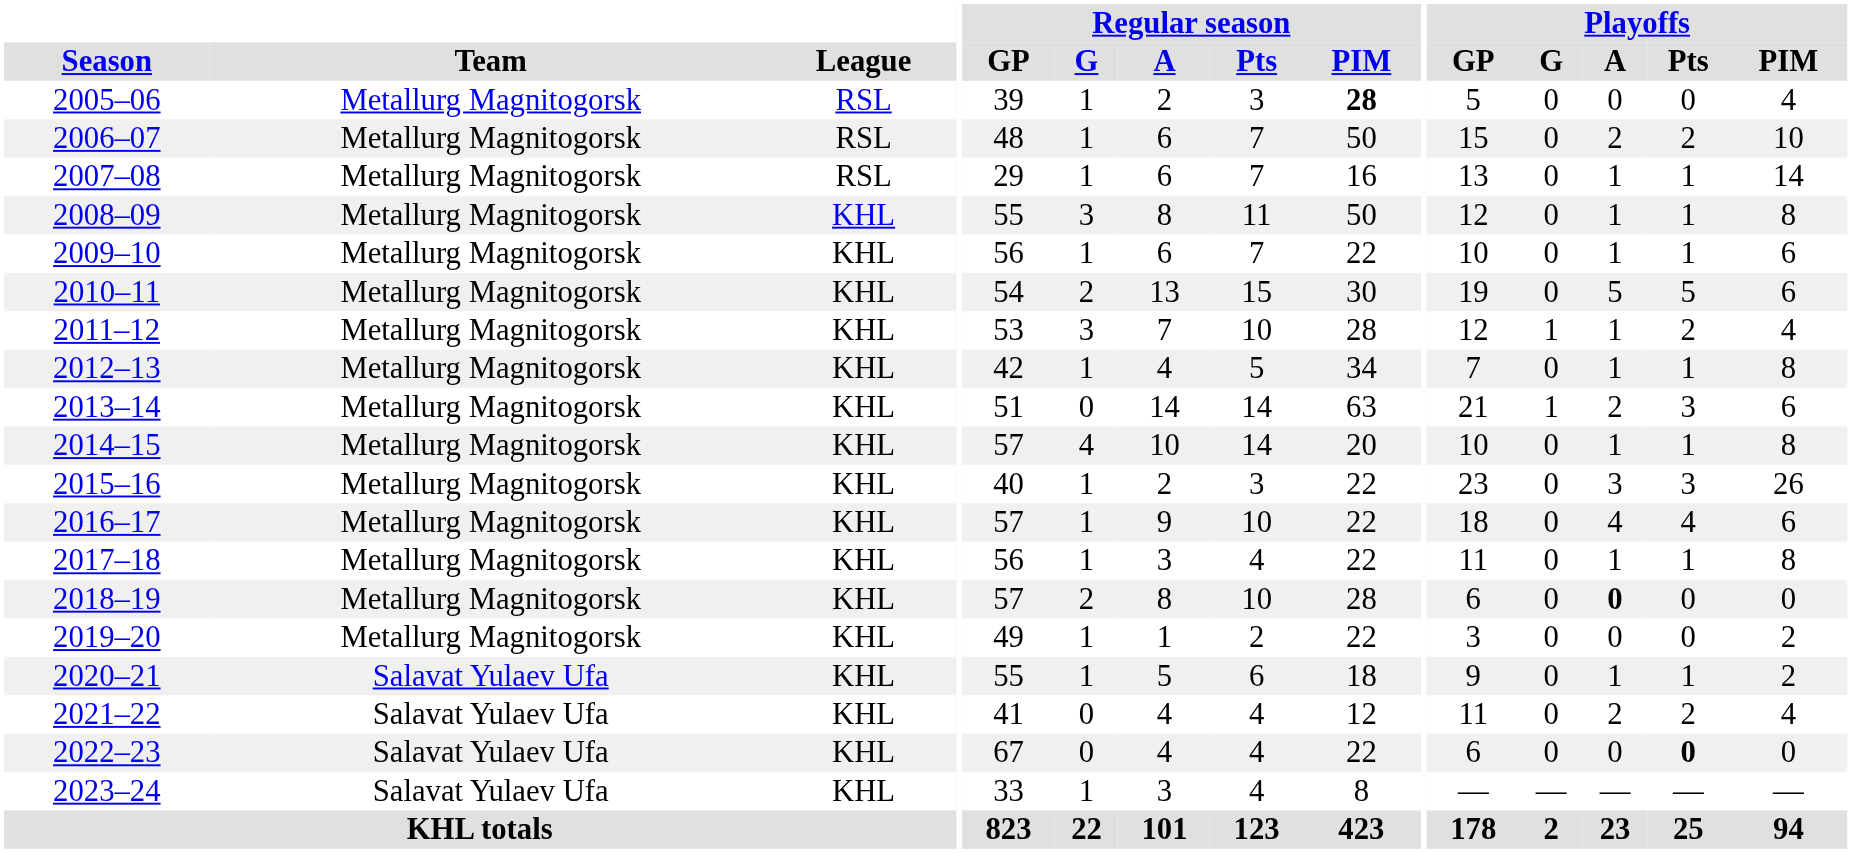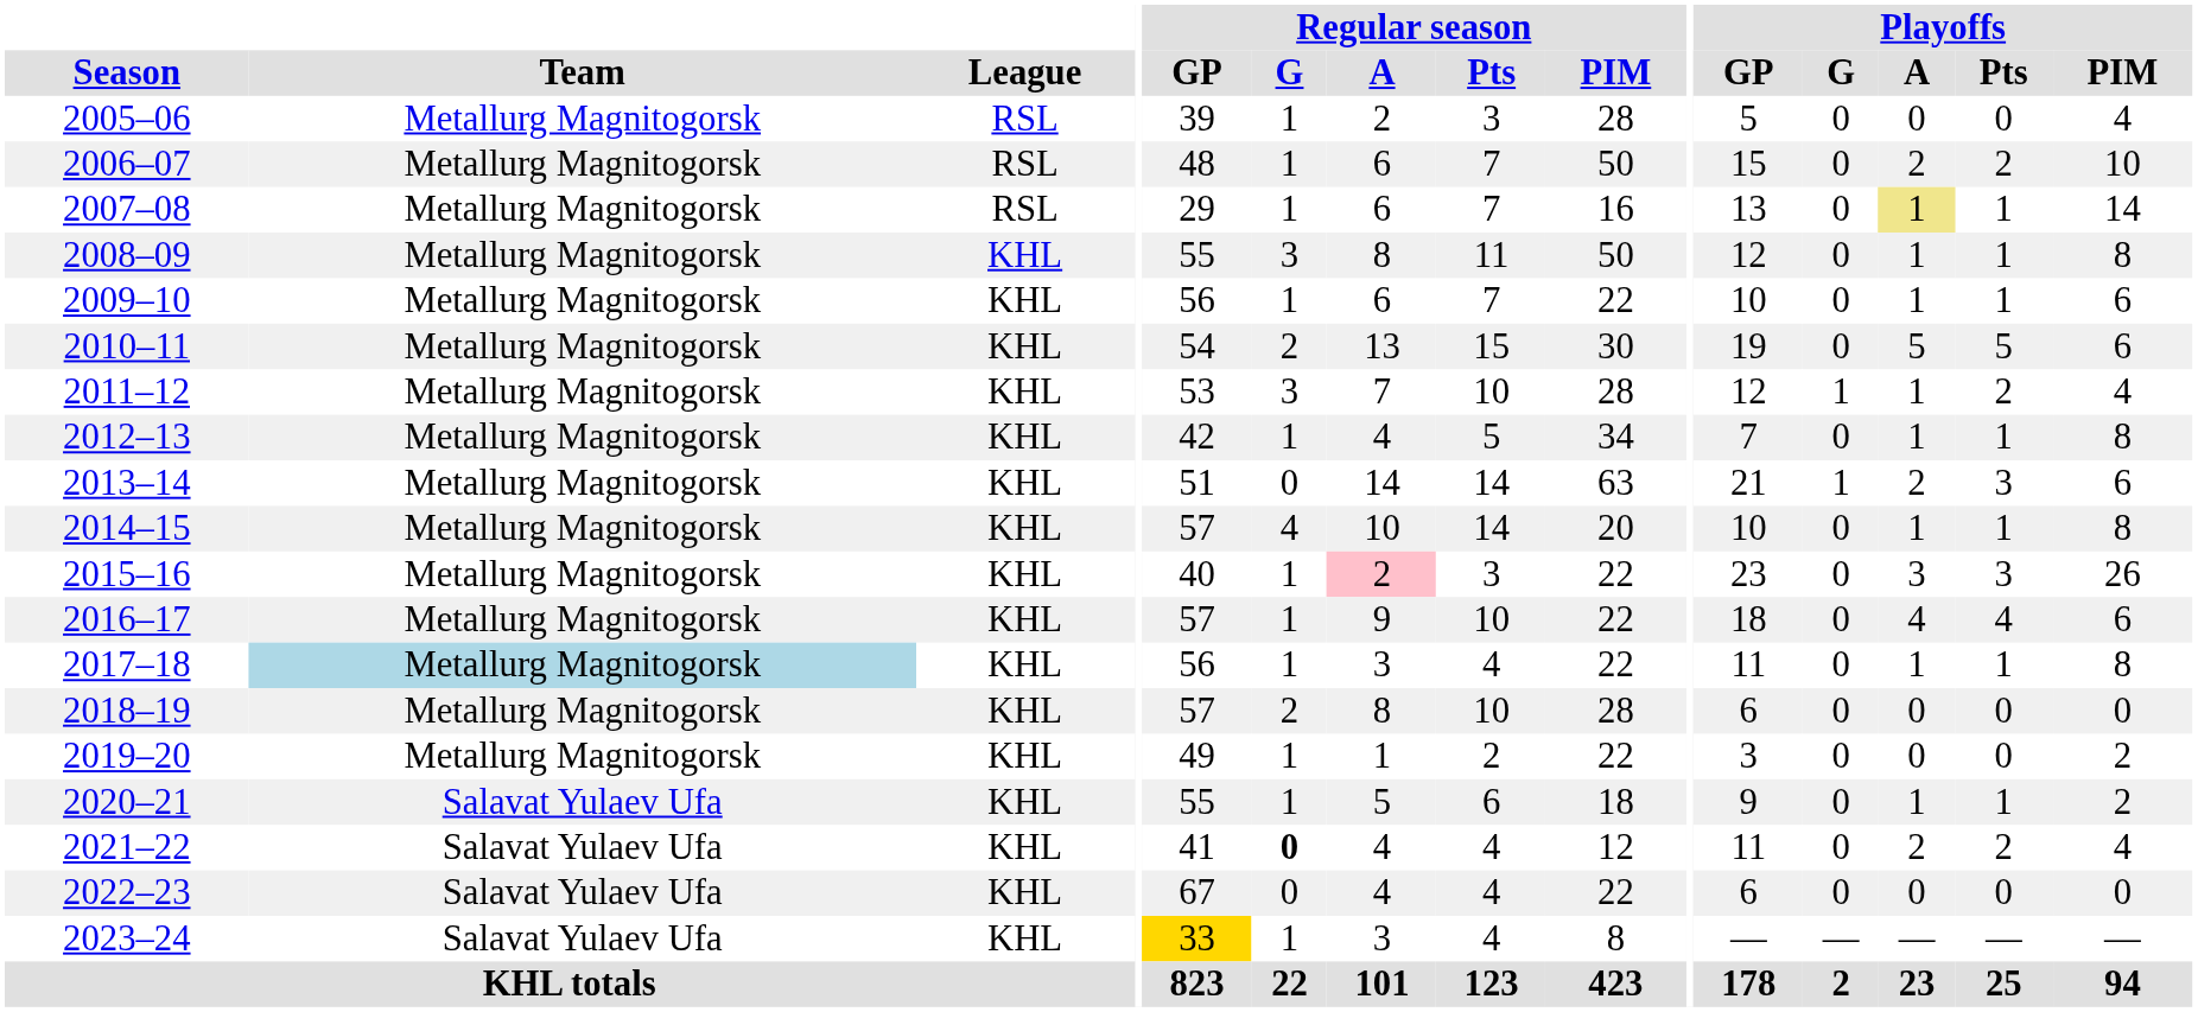 <table border="0" cellpadding="1" cellspacing="0" style="text-align:center; width:60em">
 <tr bgcolor="#e0e0e0">
 <th colspan="3" bgcolor="#ffffff"></th>
 <th rowspan="99" bgcolor="#ffffff"></th>
 <th colspan="5"><a href='#'>Regular season</a></th>
 <th rowspan="99" bgcolor="#ffffff"></th>
 <th colspan="5"><a href='#'>Playoffs</a></th>
 </tr>
 <tr bgcolor="#e0e0e0">
 <th><a href='#'>Season</a></th>
 <th>Team</th>
 <th>League</th>
 <th>GP</th>
 <th><a href='#'>G</a></th>
 <th><a href='#'>A</a></th>
 <th><a href='#'>Pts</a></th>
 <th><a href='#'>PIM</a></th>
 <th>GP</th>
 <th>G</th>
 <th>A</th>
 <th>Pts</th>
 <th>PIM</th>
 </tr>
 <tr>
 <td><a href='#'>2005–06</a></td>
 <td><a href='#'>Metallurg Magnitogorsk</a></td>
 <td><a href='#'>RSL</a></td>
 <td>39</td>
 <td>1</td>
 <td>2</td>
 <td>3</td>
-<td><strong>28</strong></td>
+<td>28</td>
 <td>5</td>
 <td>0</td>
 <td>0</td>
 <td>0</td>
 <td>4</td>
 </tr>
 <tr bgcolor="#f0f0f0">
 <td><a href='#'>2006–07</a></td>
 <td>Metallurg Magnitogorsk</td>
 <td>RSL</td>
 <td>48</td>
 <td>1</td>
 <td>6</td>
 <td>7</td>
 <td>50</td>
 <td>15</td>
 <td>0</td>
 <td>2</td>
 <td>2</td>
 <td>10</td>
 </tr>
 <tr>
 <td><a href='#'>2007–08</a></td>
 <td>Metallurg Magnitogorsk</td>
 <td>RSL</td>
 <td>29</td>
 <td>1</td>
 <td>6</td>
 <td>7</td>
 <td>16</td>
 <td>13</td>
 <td>0</td>
-<td>1</td>
+<td style="background: khaki;">1</td>
 <td>1</td>
 <td>14</td>
 </tr>
 <tr bgcolor="#f0f0f0">
 <td><a href='#'>2008–09</a></td>
 <td>Metallurg Magnitogorsk</td>
 <td><a href='#'>KHL</a></td>
 <td>55</td>
 <td>3</td>
 <td>8</td>
 <td>11</td>
 <td>50</td>
 <td>12</td>
 <td>0</td>
 <td>1</td>
 <td>1</td>
 <td>8</td>
 </tr>
 <tr>
 <td><a href='#'>2009–10</a></td>
 <td>Metallurg Magnitogorsk</td>
 <td>KHL</td>
 <td>56</td>
 <td>1</td>
 <td>6</td>
 <td>7</td>
 <td>22</td>
 <td>10</td>
 <td>0</td>
 <td>1</td>
 <td>1</td>
 <td>6</td>
 </tr>
 <tr bgcolor="#f0f0f0">
 <td><a href='#'>2010–11</a></td>
 <td>Metallurg Magnitogorsk</td>
 <td>KHL</td>
 <td>54</td>
 <td>2</td>
 <td>13</td>
 <td>15</td>
 <td>30</td>
 <td>19</td>
 <td>0</td>
 <td>5</td>
 <td>5</td>
 <td>6</td>
 </tr>
 <tr>
 <td><a href='#'>2011–12</a></td>
 <td>Metallurg Magnitogorsk</td>
 <td>KHL</td>
 <td>53</td>
 <td>3</td>
 <td>7</td>
 <td>10</td>
 <td>28</td>
 <td>12</td>
 <td>1</td>
 <td>1</td>
 <td>2</td>
 <td>4</td>
 </tr>
 <tr bgcolor="#f0f0f0">
 <td><a href='#'>2012–13</a></td>
 <td>Metallurg Magnitogorsk</td>
 <td>KHL</td>
 <td>42</td>
 <td>1</td>
 <td>4</td>
 <td>5</td>
 <td>34</td>
 <td>7</td>
 <td>0</td>
 <td>1</td>
 <td>1</td>
 <td>8</td>
 </tr>
 <tr>
 <td><a href='#'>2013–14</a></td>
 <td>Metallurg Magnitogorsk</td>
 <td>KHL</td>
 <td>51</td>
 <td>0</td>
 <td>14</td>
 <td>14</td>
 <td>63</td>
 <td>21</td>
 <td>1</td>
 <td>2</td>
 <td>3</td>
 <td>6</td>
 </tr>
 <tr bgcolor="#f0f0f0">
 <td><a href='#'>2014–15</a></td>
 <td>Metallurg Magnitogorsk</td>
 <td>KHL</td>
 <td>57</td>
 <td>4</td>
 <td>10</td>
 <td>14</td>
 <td>20</td>
 <td>10</td>
 <td>0</td>
 <td>1</td>
 <td>1</td>
 <td>8</td>
 </tr>
 <tr>
 <td><a href='#'>2015–16</a></td>
 <td>Metallurg Magnitogorsk</td>
 <td>KHL</td>
 <td>40</td>
 <td>1</td>
-<td>2</td>
+<td style="background: pink;">2</td>
 <td>3</td>
 <td>22</td>
 <td>23</td>
 <td>0</td>
 <td>3</td>
 <td>3</td>
 <td>26</td>
 </tr>
 <tr bgcolor="#f0f0f0">
 <td><a href='#'>2016–17</a></td>
 <td>Metallurg Magnitogorsk</td>
 <td>KHL</td>
 <td>57</td>
 <td>1</td>
 <td>9</td>
 <td>10</td>
 <td>22</td>
 <td>18</td>
 <td>0</td>
 <td>4</td>
 <td>4</td>
 <td>6</td>
 </tr>
 <tr>
 <td><a href='#'>2017–18</a></td>
-<td>Metallurg Magnitogorsk</td>
+<td style="background: lightblue;">Metallurg Magnitogorsk</td>
 <td>KHL</td>
 <td>56</td>
 <td>1</td>
 <td>3</td>
 <td>4</td>
 <td>22</td>
 <td>11</td>
 <td>0</td>
 <td>1</td>
 <td>1</td>
 <td>8</td>
 </tr>
 <tr bgcolor="#f0f0f0">
 <td><a href='#'>2018–19</a></td>
 <td>Metallurg Magnitogorsk</td>
 <td>KHL</td>
 <td>57</td>
 <td>2</td>
 <td>8</td>
 <td>10</td>
 <td>28</td>
 <td>6</td>
 <td>0</td>
-<td><strong>0</strong></td>
+<td>0</td>
 <td>0</td>
 <td>0</td>
 </tr>
 <tr>
 <td><a href='#'>2019–20</a></td>
 <td>Metallurg Magnitogorsk</td>
 <td>KHL</td>
 <td>49</td>
 <td>1</td>
 <td>1</td>
 <td>2</td>
 <td>22</td>
 <td>3</td>
 <td>0</td>
 <td>0</td>
 <td>0</td>
 <td>2</td>
 </tr>
 <tr bgcolor="#f0f0f0">
 <td><a href='#'>2020–21</a></td>
 <td><a href='#'>Salavat Yulaev Ufa</a></td>
 <td>KHL</td>
 <td>55</td>
 <td>1</td>
 <td>5</td>
 <td>6</td>
 <td>18</td>
 <td>9</td>
 <td>0</td>
 <td>1</td>
 <td>1</td>
 <td>2</td>
 </tr>
 <tr>
 <td><a href='#'>2021–22</a></td>
 <td>Salavat Yulaev Ufa</td>
 <td>KHL</td>
 <td>41</td>
-<td>0</td>
+<td><strong>0</strong></td>
 <td>4</td>
 <td>4</td>
 <td>12</td>
 <td>11</td>
 <td>0</td>
 <td>2</td>
 <td>2</td>
 <td>4</td>
 </tr>
 <tr bgcolor="#f0f0f0">
 <td><a href='#'>2022–23</a></td>
 <td>Salavat Yulaev Ufa</td>
 <td>KHL</td>
 <td>67</td>
 <td>0</td>
 <td>4</td>
 <td>4</td>
 <td>22</td>
 <td>6</td>
 <td>0</td>
 <td>0</td>
-<td><strong>0</strong></td>
+<td>0</td>
 <td>0</td>
 </tr>
 <tr>
 <td><a href='#'>2023–24</a></td>
 <td>Salavat Yulaev Ufa</td>
 <td>KHL</td>
-<td>33</td>
+<td style="background: gold;">33</td>
 <td>1</td>
 <td>3</td>
 <td>4</td>
 <td>8</td>
 <td>—</td>
 <td>—</td>
 <td>—</td>
 <td>—</td>
 <td>—</td>
 </tr>
 <tr bgcolor="#e0e0e0">
 <th colspan="3">KHL totals</th>
 <th>823</th>
 <th>22</th>
 <th>101</th>
 <th>123</th>
 <th>423</th>
 <th>178</th>
 <th>2</th>
 <th>23</th>
 <th>25</th>
 <th>94</th>
 </tr>
 </table>
